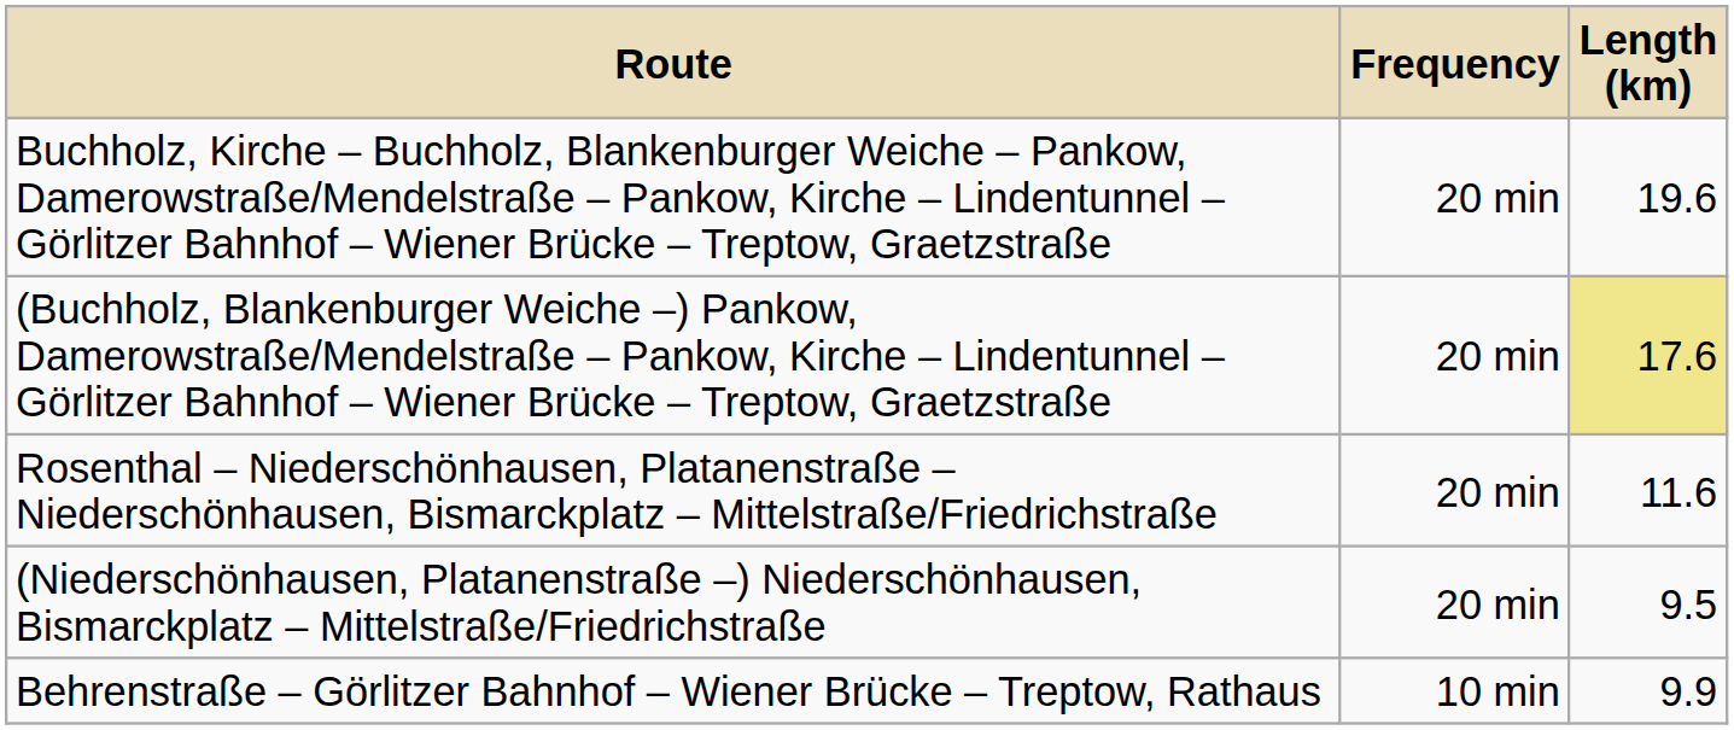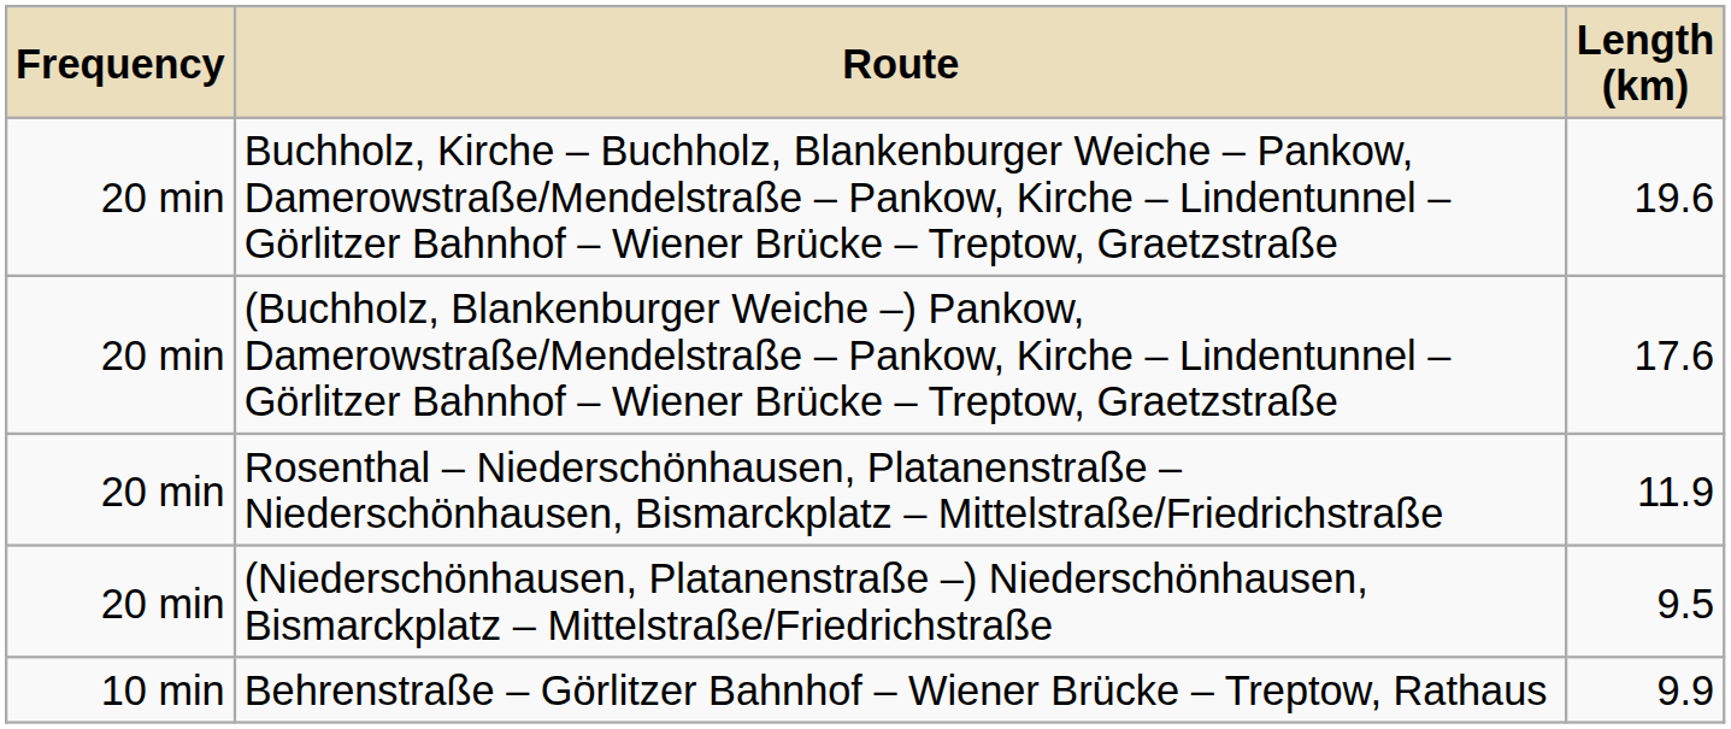 <table class="wikitable floatright" style="font-size:95%; width:50%; text-align:right;">
 <tr>
+<th style="background:#EADEBD; width:5%;">Frequency</th>
 <th style="background:#EADEBD; width:90%;">Route</th>
-<th style="background:#EADEBD; width:5%;">Frequency</th>
 <th style="background:#EADEBD; width:5%;">Length (km)</th>
 </tr>
 <tr>
+<td>20 min</td>
 <td style="text-align:left;">Buchholz, Kirche – Buchholz, Blankenburger Weiche – Pankow, Damerowstraße/Mendelstraße – Pankow, Kirche – Lindentunnel – Görlitzer Bahnhof – Wiener Brücke – Treptow, Graetzstraße</td>
-<td>20 min</td>
 <td>19.6</td>
 </tr>
 <tr>
+<td>20 min</td>
 <td style="text-align:left;">(Buchholz, Blankenburger Weiche –) Pankow, Damerowstraße/Mendelstraße – Pankow, Kirche – Lindentunnel – Görlitzer Bahnhof – Wiener Brücke – Treptow, Graetzstraße</td>
-<td>20 min</td>
-<td style="background: khaki;">17.6</td>
+<td>17.6</td>
 </tr>
 <tr>
+<td>20 min</td>
 <td style="text-align:left;">Rosenthal – Niederschönhausen, Platanenstraße – Niederschönhausen, Bismarckplatz – Mittelstraße/Friedrichstraße</td>
-<td>20 min</td>
-<td>11.6</td>
+<td>11.9</td>
 </tr>
 <tr>
+<td>20 min</td>
 <td style="text-align:left;">(Niederschönhausen, Platanenstraße –) Niederschönhausen, Bismarckplatz – Mittelstraße/Friedrichstraße</td>
-<td>20 min</td>
 <td>9.5</td>
 </tr>
 <tr>
+<td>10 min</td>
 <td style="text-align:left;">Behrenstraße – Görlitzer Bahnhof – Wiener Brücke – Treptow, Rathaus</td>
-<td>10 min</td>
 <td>9.9</td>
 </tr>
 </table>
